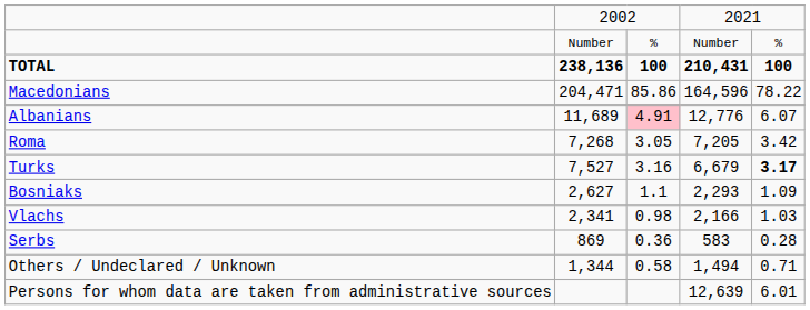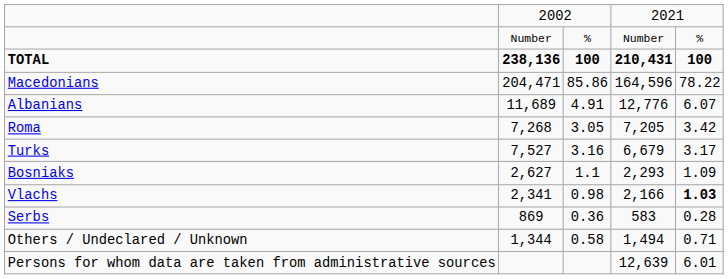 <table class="wikitable">
 <tr>
 <td></td>
 <td colspan="2" align="center">2002</td>
 <td colspan="2" align="center">2021</td>
 </tr>
 <tr>
 <td></td>
 <td align="center"><small>Number</small></td>
 <td align="center"><small>%</small></td>
 <td align="center"><small>Number</small></td>
 <td align="center"><small>%</small></td>
 </tr>
 <tr>
 <td><strong>TOTAL</strong></td>
 <td align="center"><strong>238,136</strong></td>
 <td align="center"><strong>100</strong></td>
 <td align="center"><strong>210,431</strong></td>
 <td align="center"><strong>100</strong></td>
 </tr>
 <tr>
 <td><a href='#'>Macedonians</a></td>
 <td align="center">204,471</td>
 <td align="center">85.86</td>
 <td align="center">164,596</td>
 <td align="center">78.22</td>
 </tr>
 <tr>
 <td><a href='#'>Albanians</a></td>
 <td align="center">11,689</td>
-<td align="center" style="background: pink;">4.91</td>
+<td align="center">4.91</td>
 <td align="center">12,776</td>
 <td align="center">6.07</td>
 </tr>
 <tr>
 <td><a href='#'>Roma</a></td>
 <td align="center">7,268</td>
 <td align="center">3.05</td>
 <td align="center">7,205</td>
 <td align="center">3.42</td>
 </tr>
 <tr>
 <td><a href='#'>Turks</a></td>
 <td align="center">7,527</td>
 <td align="center">3.16</td>
 <td align="center">6,679</td>
-<td align="center"><strong>3.17</strong></td>
+<td align="center">3.17</td>
 </tr>
 <tr>
 <td><a href='#'>Bosniaks</a></td>
 <td align="center">2,627</td>
 <td align="center">1.1</td>
 <td align="center">2,293</td>
 <td align="center">1.09</td>
 </tr>
 <tr>
 <td><a href='#'>Vlachs</a></td>
 <td align="center">2,341</td>
 <td align="center">0.98</td>
 <td align="center">2,166</td>
-<td align="center">1.03</td>
+<td align="center"><strong>1.03</strong></td>
 </tr>
 <tr>
 <td><a href='#'>Serbs</a></td>
 <td align="center">869</td>
 <td align="center">0.36</td>
 <td align="center">583</td>
 <td align="center">0.28</td>
 </tr>
 <tr>
 <td>Others / Undeclared / Unknown</td>
 <td align="center">1,344</td>
 <td align="center">0.58</td>
 <td align="center">1,494</td>
 <td align="center">0.71</td>
 </tr>
 <tr>
 <td>Persons for whom data are taken from administrative sources</td>
 <td></td>
 <td></td>
 <td align="center">12,639</td>
 <td align="center">6.01</td>
 </tr>
 </table>
